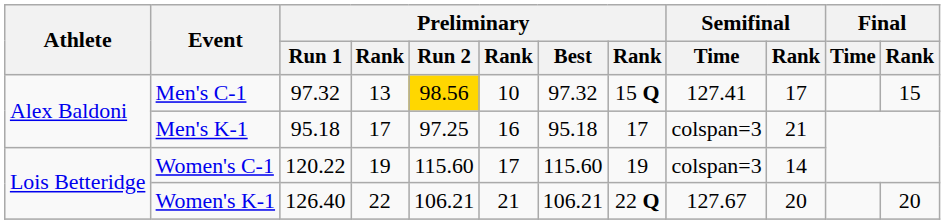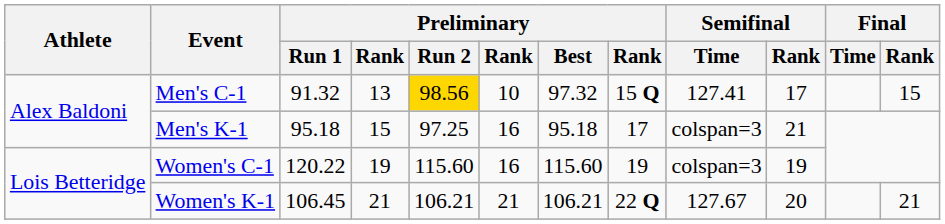 <table class=wikitable style="font-size:90%">
 <tr>
 <th rowspan=2>Athlete</th>
 <th rowspan=2>Event</th>
 <th colspan=6>Preliminary</th>
 <th colspan=2>Semifinal</th>
 <th colspan=2>Final</th>
 </tr>
 <tr style="font-size:95%">
 <th>Run 1</th>
 <th>Rank</th>
 <th>Run 2</th>
 <th>Rank</th>
 <th>Best</th>
 <th>Rank</th>
 <th>Time</th>
 <th>Rank</th>
 <th>Time</th>
 <th>Rank</th>
 </tr>
 <tr align=center>
 <td align=left rowspan=2><a href='#'>Alex Baldoni</a></td>
 <td align=left><a href='#'>Men's C-1</a></td>
-<td>97.32</td>
+<td>91.32</td>
 <td>13</td>
 <td style="background: gold;">98.56</td>
 <td>10</td>
 <td>97.32</td>
 <td>15 <strong>Q</strong></td>
 <td>127.41</td>
 <td>17</td>
 <td></td>
 <td>15</td>
 </tr>
 <tr align=center>
 <td align=left><a href='#'>Men's K-1</a></td>
 <td>95.18</td>
-<td>17</td>
+<td>15</td>
 <td>97.25</td>
 <td>16</td>
 <td>95.18</td>
 <td>17</td>
 <td>colspan=3 </td>
 <td>21</td>
 </tr>
 <tr align=center>
 <td align=left rowspan=2><a href='#'>Lois Betteridge</a></td>
 <td align=left><a href='#'>Women's C-1</a></td>
 <td>120.22</td>
 <td>19</td>
 <td>115.60</td>
-<td>17</td>
+<td>16</td>
 <td>115.60</td>
 <td>19</td>
 <td>colspan=3 </td>
-<td>14</td>
+<td>19</td>
 </tr>
 <tr align=center>
 <td align=left><a href='#'>Women's K-1</a></td>
-<td>126.40</td>
-<td>22</td>
+<td>106.45</td>
+<td>21</td>
 <td>106.21</td>
 <td>21</td>
 <td>106.21</td>
 <td>22 <strong>Q</strong></td>
 <td>127.67</td>
 <td>20</td>
 <td></td>
-<td>20</td>
+<td>21</td>
 </tr>
 </table>
